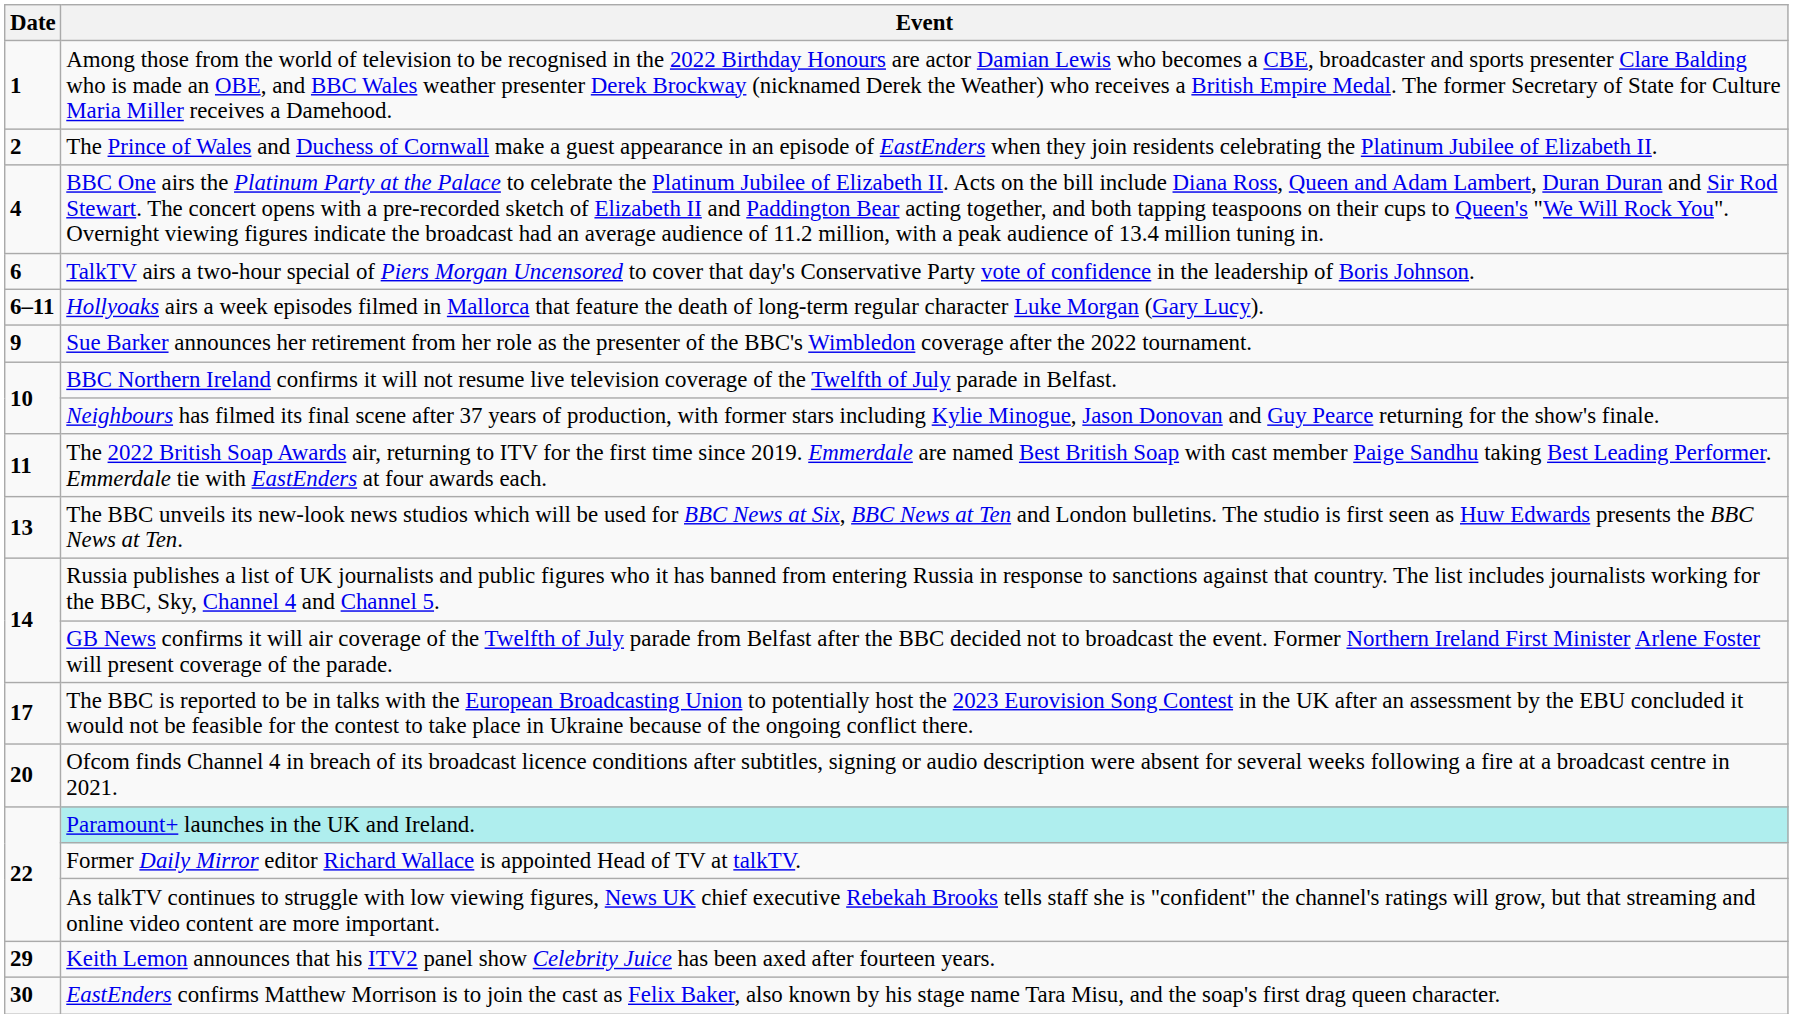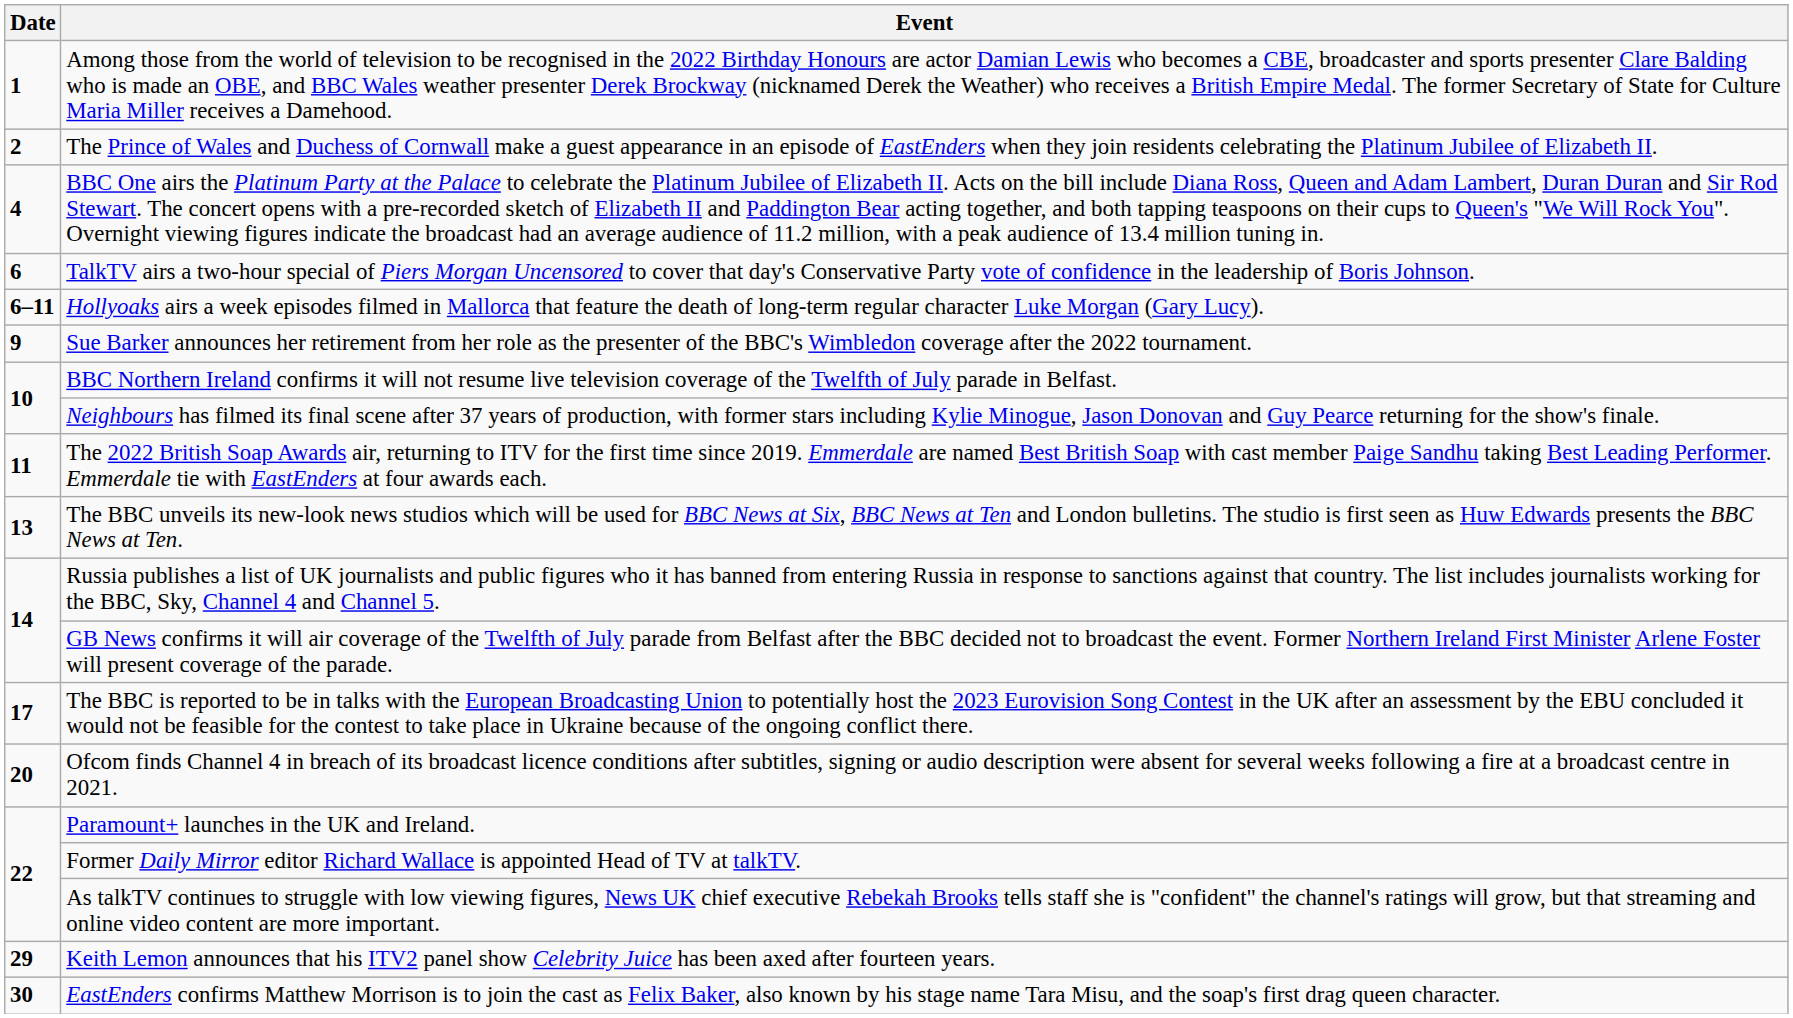 <table class="wikitable">
 <tr>
 <th>Date</th>
 <th>Event</th>
 </tr>
 <tr>
 <td><strong>1</strong></td>
 <td>Among those from the world of television to be recognised in the <a href='#'>2022 Birthday Honours</a> are actor <a href='#'>Damian Lewis</a> who becomes a <a href='#'>CBE</a>, broadcaster and sports presenter <a href='#'>Clare Balding</a> who is made an <a href='#'>OBE</a>, and <a href='#'>BBC Wales</a> weather presenter <a href='#'>Derek Brockway</a> (nicknamed Derek the Weather) who receives a <a href='#'>British Empire Medal</a>. The former Secretary of State for Culture <a href='#'>Maria Miller</a> receives a Damehood.</td>
 </tr>
 <tr>
 <td><strong>2</strong></td>
 <td>The <a href='#'>Prince of Wales</a> and <a href='#'>Duchess of Cornwall</a> make a guest appearance in an episode of <em><a href='#'>EastEnders</a></em> when they join residents celebrating the <a href='#'>Platinum Jubilee of Elizabeth II</a>.</td>
 </tr>
 <tr>
 <td><strong>4</strong></td>
 <td><a href='#'>BBC One</a> airs the <em><a href='#'>Platinum Party at the Palace</a></em> to celebrate the <a href='#'>Platinum Jubilee of Elizabeth II</a>. Acts on the bill include <a href='#'>Diana Ross</a>, <a href='#'>Queen and Adam Lambert</a>, <a href='#'>Duran Duran</a> and <a href='#'>Sir Rod Stewart</a>. The concert opens with a pre-recorded sketch of <a href='#'>Elizabeth II</a> and <a href='#'>Paddington Bear</a> acting together, and both tapping teaspoons on their cups to <a href='#'>Queen's</a> "<a href='#'>We Will Rock You</a>". Overnight viewing figures indicate the broadcast had an average audience of 11.2 million, with a peak audience of 13.4 million tuning in.</td>
 </tr>
 <tr>
 <td><strong>6</strong></td>
 <td><a href='#'>TalkTV</a> airs a two-hour special of <em><a href='#'>Piers Morgan Uncensored</a></em> to cover that day's Conservative Party <a href='#'>vote of confidence</a> in the leadership of <a href='#'>Boris Johnson</a>.</td>
 </tr>
 <tr>
 <td><strong>6–11</strong></td>
 <td><em><a href='#'>Hollyoaks</a></em> airs a week episodes filmed in <a href='#'>Mallorca</a> that feature the death of long-term regular character <a href='#'>Luke Morgan</a> (<a href='#'>Gary Lucy</a>).</td>
 </tr>
 <tr>
 <td><strong>9</strong></td>
 <td><a href='#'>Sue Barker</a> announces her retirement from her role as the presenter of the BBC's <a href='#'>Wimbledon</a> coverage after the 2022 tournament.</td>
 </tr>
 <tr>
 <td rowspan=2><strong>10</strong></td>
 <td><a href='#'>BBC Northern Ireland</a> confirms it will not resume live television coverage of the <a href='#'>Twelfth of July</a> parade in Belfast.</td>
 </tr>
 <tr>
 <td><em><a href='#'>Neighbours</a></em> has filmed its final scene after 37 years of production, with former stars including <a href='#'>Kylie Minogue</a>, <a href='#'>Jason Donovan</a> and <a href='#'>Guy Pearce</a> returning for the show's finale.</td>
 </tr>
 <tr>
 <td><strong>11</strong></td>
 <td>The <a href='#'>2022 British Soap Awards</a> air, returning to ITV for the first time since 2019. <em><a href='#'>Emmerdale</a></em> are named <a href='#'>Best British Soap</a> with cast member <a href='#'>Paige Sandhu</a> taking <a href='#'>Best Leading Performer</a>. <em>Emmerdale</em> tie with <em><a href='#'>EastEnders</a></em> at four awards each.</td>
 </tr>
 <tr>
 <td><strong>13</strong></td>
 <td>The BBC unveils its new-look news studios which will be used for <em><a href='#'>BBC News at Six</a></em>, <em><a href='#'>BBC News at Ten</a></em> and London bulletins. The studio is first seen as <a href='#'>Huw Edwards</a> presents the <em>BBC News at Ten</em>.</td>
 </tr>
 <tr>
 <td rowspan=2><strong>14</strong></td>
 <td>Russia publishes a list of UK journalists and public figures who it has banned from entering Russia in response to sanctions against that country. The list includes journalists working for the BBC, Sky, <a href='#'>Channel 4</a> and <a href='#'>Channel 5</a>.</td>
 </tr>
 <tr>
 <td><a href='#'>GB News</a> confirms it will air coverage of the <a href='#'>Twelfth of July</a> parade from Belfast after the BBC decided not to broadcast the event. Former <a href='#'>Northern Ireland First Minister</a> <a href='#'>Arlene Foster</a> will present coverage of the parade.</td>
 </tr>
 <tr>
 <td><strong>17</strong></td>
 <td>The BBC is reported to be in talks with the <a href='#'>European Broadcasting Union</a> to potentially host the <a href='#'>2023 Eurovision Song Contest</a> in the UK after an assessment by the EBU concluded it would not be feasible for the contest to take place in Ukraine because of the ongoing conflict there.</td>
 </tr>
 <tr>
 <td><strong>20</strong></td>
 <td>Ofcom finds Channel 4 in breach of its broadcast licence conditions after subtitles, signing or audio description were absent for several weeks following a fire at a broadcast centre in 2021.</td>
 </tr>
 <tr>
 <td rowspan=3><strong>22</strong></td>
-<td style="background: paleturquoise;"><a href='#'>Paramount+</a> launches in the UK and Ireland.</td>
+<td><a href='#'>Paramount+</a> launches in the UK and Ireland.</td>
 </tr>
 <tr>
 <td>Former <em><a href='#'>Daily Mirror</a></em> editor <a href='#'>Richard Wallace</a> is appointed Head of TV at <a href='#'>talkTV</a>.</td>
 </tr>
 <tr>
 <td>As talkTV continues to struggle with low viewing figures, <a href='#'>News UK</a> chief executive <a href='#'>Rebekah Brooks</a> tells staff she is "confident" the channel's ratings will grow, but that streaming and online video content are more important.</td>
 </tr>
 <tr>
 <td><strong>29</strong></td>
 <td><a href='#'>Keith Lemon</a> announces that his <a href='#'>ITV2</a> panel show <em><a href='#'>Celebrity Juice</a></em> has been axed after fourteen years.</td>
 </tr>
 <tr>
 <td><strong>30</strong></td>
 <td><em><a href='#'>EastEnders</a></em> confirms Matthew Morrison is to join the cast as <a href='#'>Felix Baker</a>, also known by his stage name Tara Misu, and the soap's first drag queen character.</td>
 </tr>
 </table>
